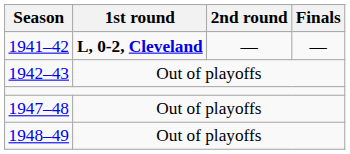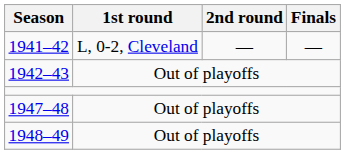 <table class="wikitable" style="text-align:center">
 <tr>
 <th>Season</th>
 <th>1st round</th>
 <th>2nd round</th>
 <th>Finals</th>
 </tr>
 <tr>
 <td><a href='#'>1941–42</a></td>
-<td><strong>L, 0-2, <a href='#'>Cleveland</a></strong></td>
+<td>L, 0-2, <a href='#'>Cleveland</a></td>
 <td>—</td>
 <td>—</td>
 </tr>
 <tr>
 <td><a href='#'>1942–43</a></td>
 <td colspan="3">Out of playoffs</td>
 </tr>
 <tr>
 <td colspan="9"></td>
 </tr>
 <tr>
 <td><a href='#'>1947–48</a></td>
 <td colspan="3">Out of playoffs</td>
 </tr>
 <tr>
 <td><a href='#'>1948–49</a></td>
 <td colspan="3">Out of playoffs</td>
 </tr>
 </table>
